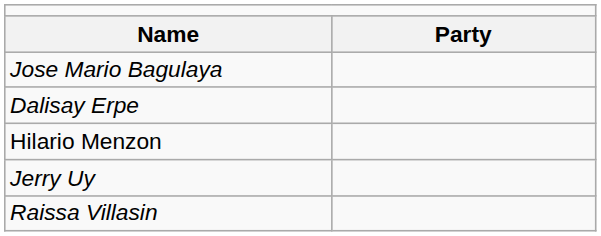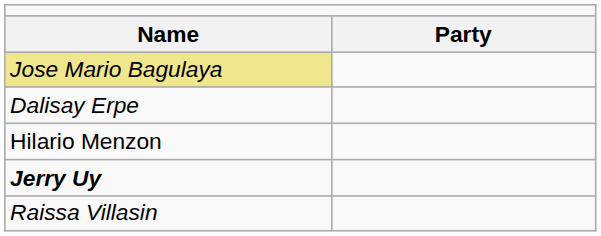 <table class=wikitable style="font-size:90%">
 <tr>
 <td colspan=4 bgcolor=></td>
 </tr>
 <tr>
 <th width=200px>Name</th>
 <th colspan=2 width=160px>Party</th>
 </tr>
 <tr>
-<td><em>Jose Mario Bagulaya</em></td>
+<td style="background: khaki;"><em>Jose Mario Bagulaya</em></td>
 <td></td>
 </tr>
 <tr>
 <td><em>Dalisay Erpe</em></td>
 <td></td>
 </tr>
 <tr>
 <td>Hilario Menzon</td>
 <td></td>
 </tr>
 <tr>
-<td><em>Jerry Uy</em></td>
+<td><strong><em>Jerry Uy</em></strong></td>
 <td></td>
 </tr>
 <tr 1>
 <td><em>Raissa Villasin</em></td>
 <td></td>
 </tr>
 </table>
